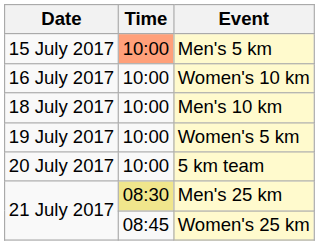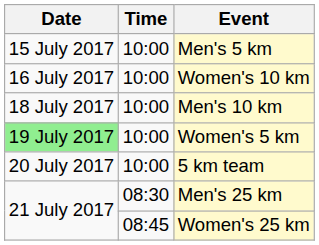 <table class="wikitable">
 <tr>
 <th>Date</th>
 <th>Time</th>
 <th>Event</th>
 </tr>
 <tr>
 <td>15 July 2017</td>
-<td style="background: lightsalmon;">10:00</td>
+<td>10:00</td>
 <td style="background:lemonchiffon">Men's 5 km</td>
 </tr>
 <tr>
 <td>16 July 2017</td>
 <td>10:00</td>
 <td style="background:lemonchiffon">Women's 10 km</td>
 </tr>
 <tr>
 <td>18 July 2017</td>
 <td>10:00</td>
 <td style="background:lemonchiffon">Men's 10 km</td>
 </tr>
 <tr>
-<td>19 July 2017</td>
+<td style="background: lightgreen;">19 July 2017</td>
 <td>10:00</td>
 <td style="background:lemonchiffon">Women's 5 km</td>
 </tr>
 <tr>
 <td>20 July 2017</td>
 <td>10:00</td>
 <td style="background:lemonchiffon">5 km team</td>
 </tr>
 <tr>
 <td rowspan=2>21 July 2017</td>
-<td style="background: khaki;">08:30</td>
+<td>08:30</td>
 <td style="background:lemonchiffon">Men's 25 km</td>
 </tr>
 <tr>
 <td>08:45</td>
 <td style="background:lemonchiffon">Women's 25 km</td>
 </tr>
 </table>
